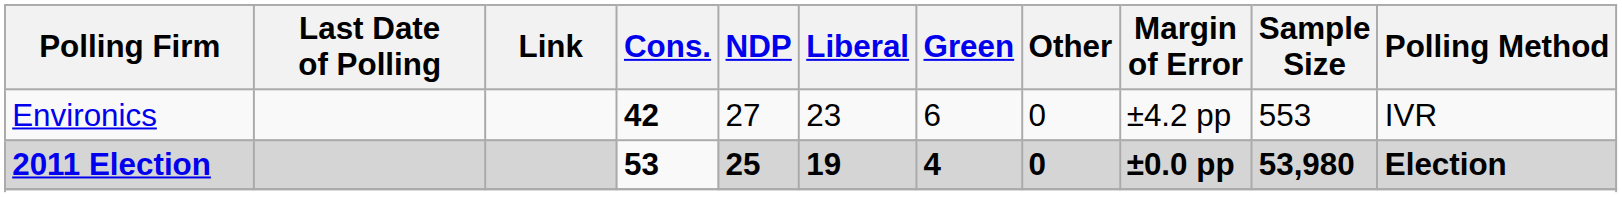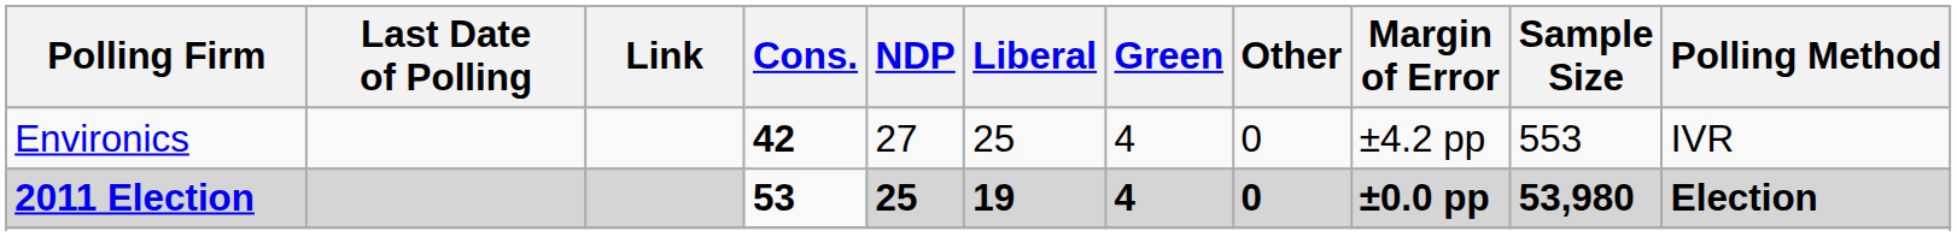 <table class="wikitable sortable">
 <tr style="background:#e9e9e9;">
 <th style="width:120px">Polling Firm</th>
 <th style="width:110px">Last Date<br>of Polling</th>
 <th style="width:60px" class="unsortable">Link</th>
 <th style="background-color:"><strong><a href='#'>Cons.</a></strong></th>
 <th style="background-color:"><strong><a href='#'>NDP</a></strong></th>
 <th style="background-color:"><strong><a href='#'>Liberal</a></strong></th>
 <th style="background-color:"><strong><a href='#'>Green</a></strong></th>
 <th style="background-color:"><strong>Other</strong></th>
 <th style="width:60px;" class=unsortable>Margin<br>of Error</th>
 <th style="width:50px;" class=unsortable>Sample<br>Size</th>
 <th class=unsortable>Polling Method</th>
 </tr>
 <tr>
 <td><a href='#'>Environics</a></td>
 <td></td>
 <td></td>
 <td><strong>42</strong></td>
 <td>27</td>
-<td>23</td>
-<td>6</td>
+<td>25</td>
+<td>4</td>
 <td>0</td>
 <td>±4.2 pp</td>
 <td>553</td>
 <td>IVR</td>
 </tr>
 <tr>
 <td style="background:#D5D5D5"><strong><a href='#'>2011 Election</a></strong></td>
 <td style="background:#D5D5D5"><strong></strong></td>
 <td style="background:#D5D5D5"></td>
 <td><strong>53</strong></td>
 <td style="background:#D5D5D5"><strong>25</strong></td>
 <td style="background:#D5D5D5"><strong>19</strong></td>
 <td style="background:#D5D5D5"><strong>4</strong></td>
 <td style="background:#D5D5D5"><strong>0</strong></td>
 <td style="background:#D5D5D5"><strong>±0.0 pp</strong></td>
 <td style="background:#D5D5D5"><strong>53,980</strong></td>
 <td style="background:#D5D5D5"><strong>Election</strong></td>
 </tr>
 <tr>
 </tr>
 <tr>
 </tr>
 </table>
